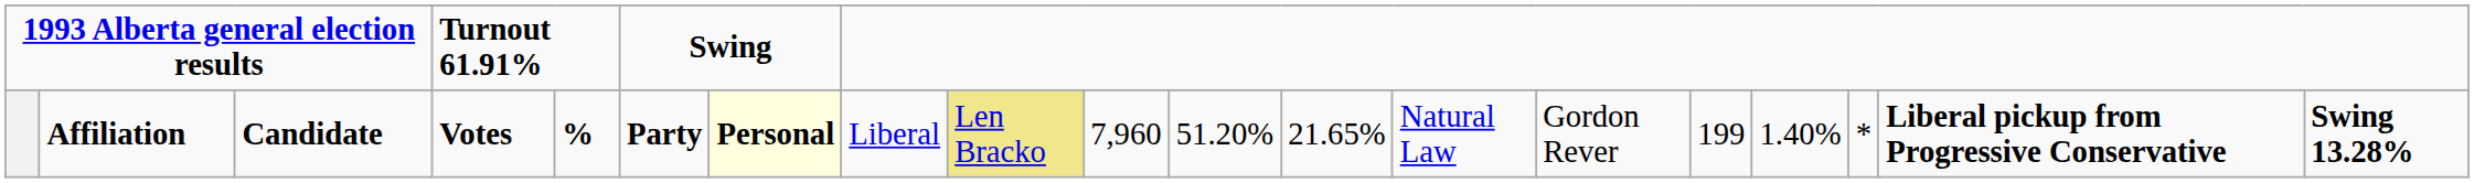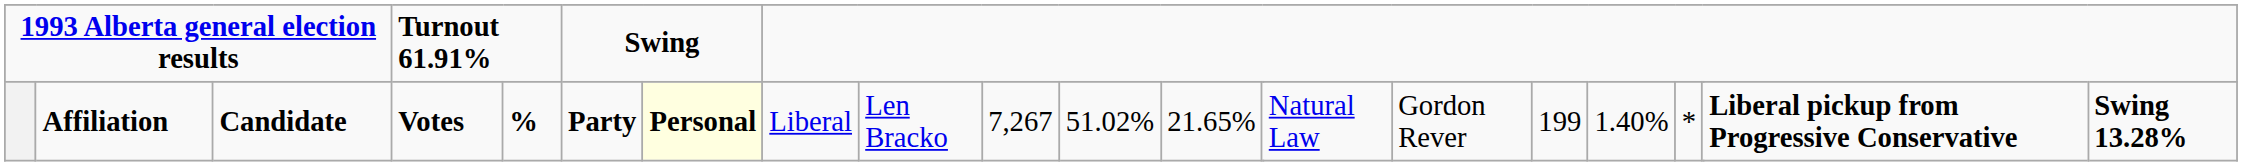 <table class="wikitable">
 <tr>
 <td colspan="3" align=center><strong><a href='#'>1993 Alberta general election</a> results</strong></td>
 <td colspan="2"><strong>Turnout 61.91%</strong></td>
 <td colspan="2" align=center><strong>Swing</strong></td>
 </tr>
 <tr>
 <th style="width: 10px;"></th>
 <td><strong>Affiliation</strong></td>
 <td><strong>Candidate</strong></td>
 <td><strong>Votes</strong></td>
 <td><strong>%</strong></td>
 <td><strong>Party</strong></td>
 <td style="background: lightyellow;"><strong>Personal</strong><br></td>
 <td><a href='#'>Liberal</a></td>
-<td style="background: khaki;"><a href='#'>Len Bracko</a></td>
-<td>7,960</td>
-<td>51.20%</td>
+<td><a href='#'>Len Bracko</a></td>
+<td>7,267</td>
+<td>51.02%</td>
 <td colspan=2 align=center>21.65%<br>  </td>
 <td><a href='#'>Natural Law</a></td>
 <td>Gordon Rever</td>
 <td>199</td>
 <td>1.40%</td>
 <td align=center colspan=2>*<br>   </td>
 <td colspan=4><strong>Liberal pickup from Progressive Conservative</strong></td>
 <td colspan=2><strong>Swing 13.28%</strong></td>
 </tr>
 </table>
